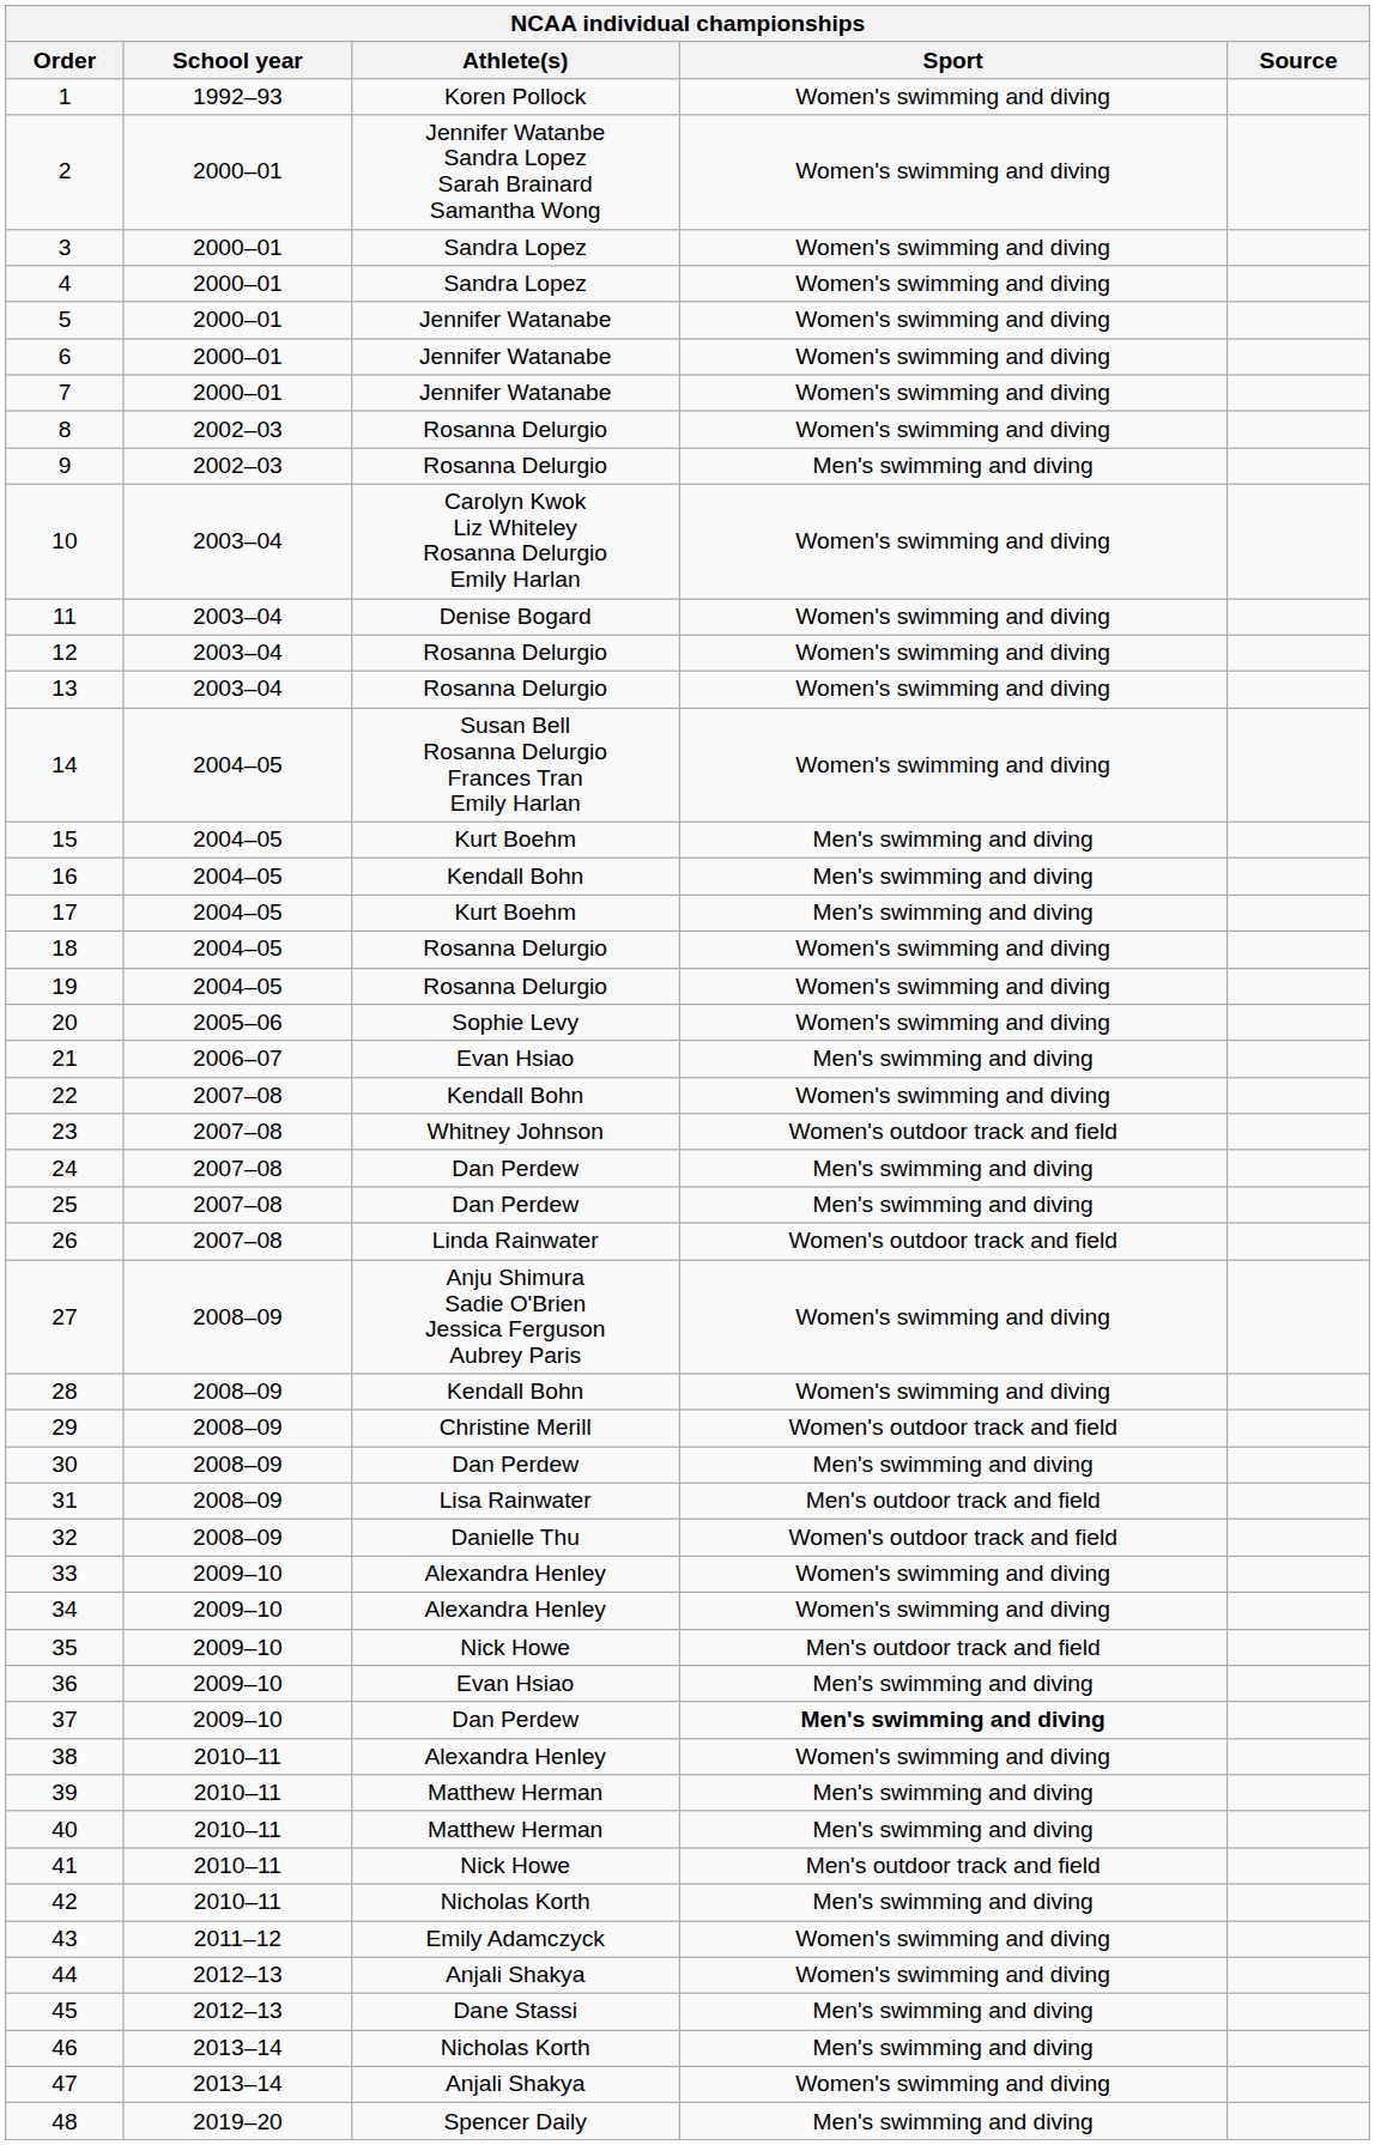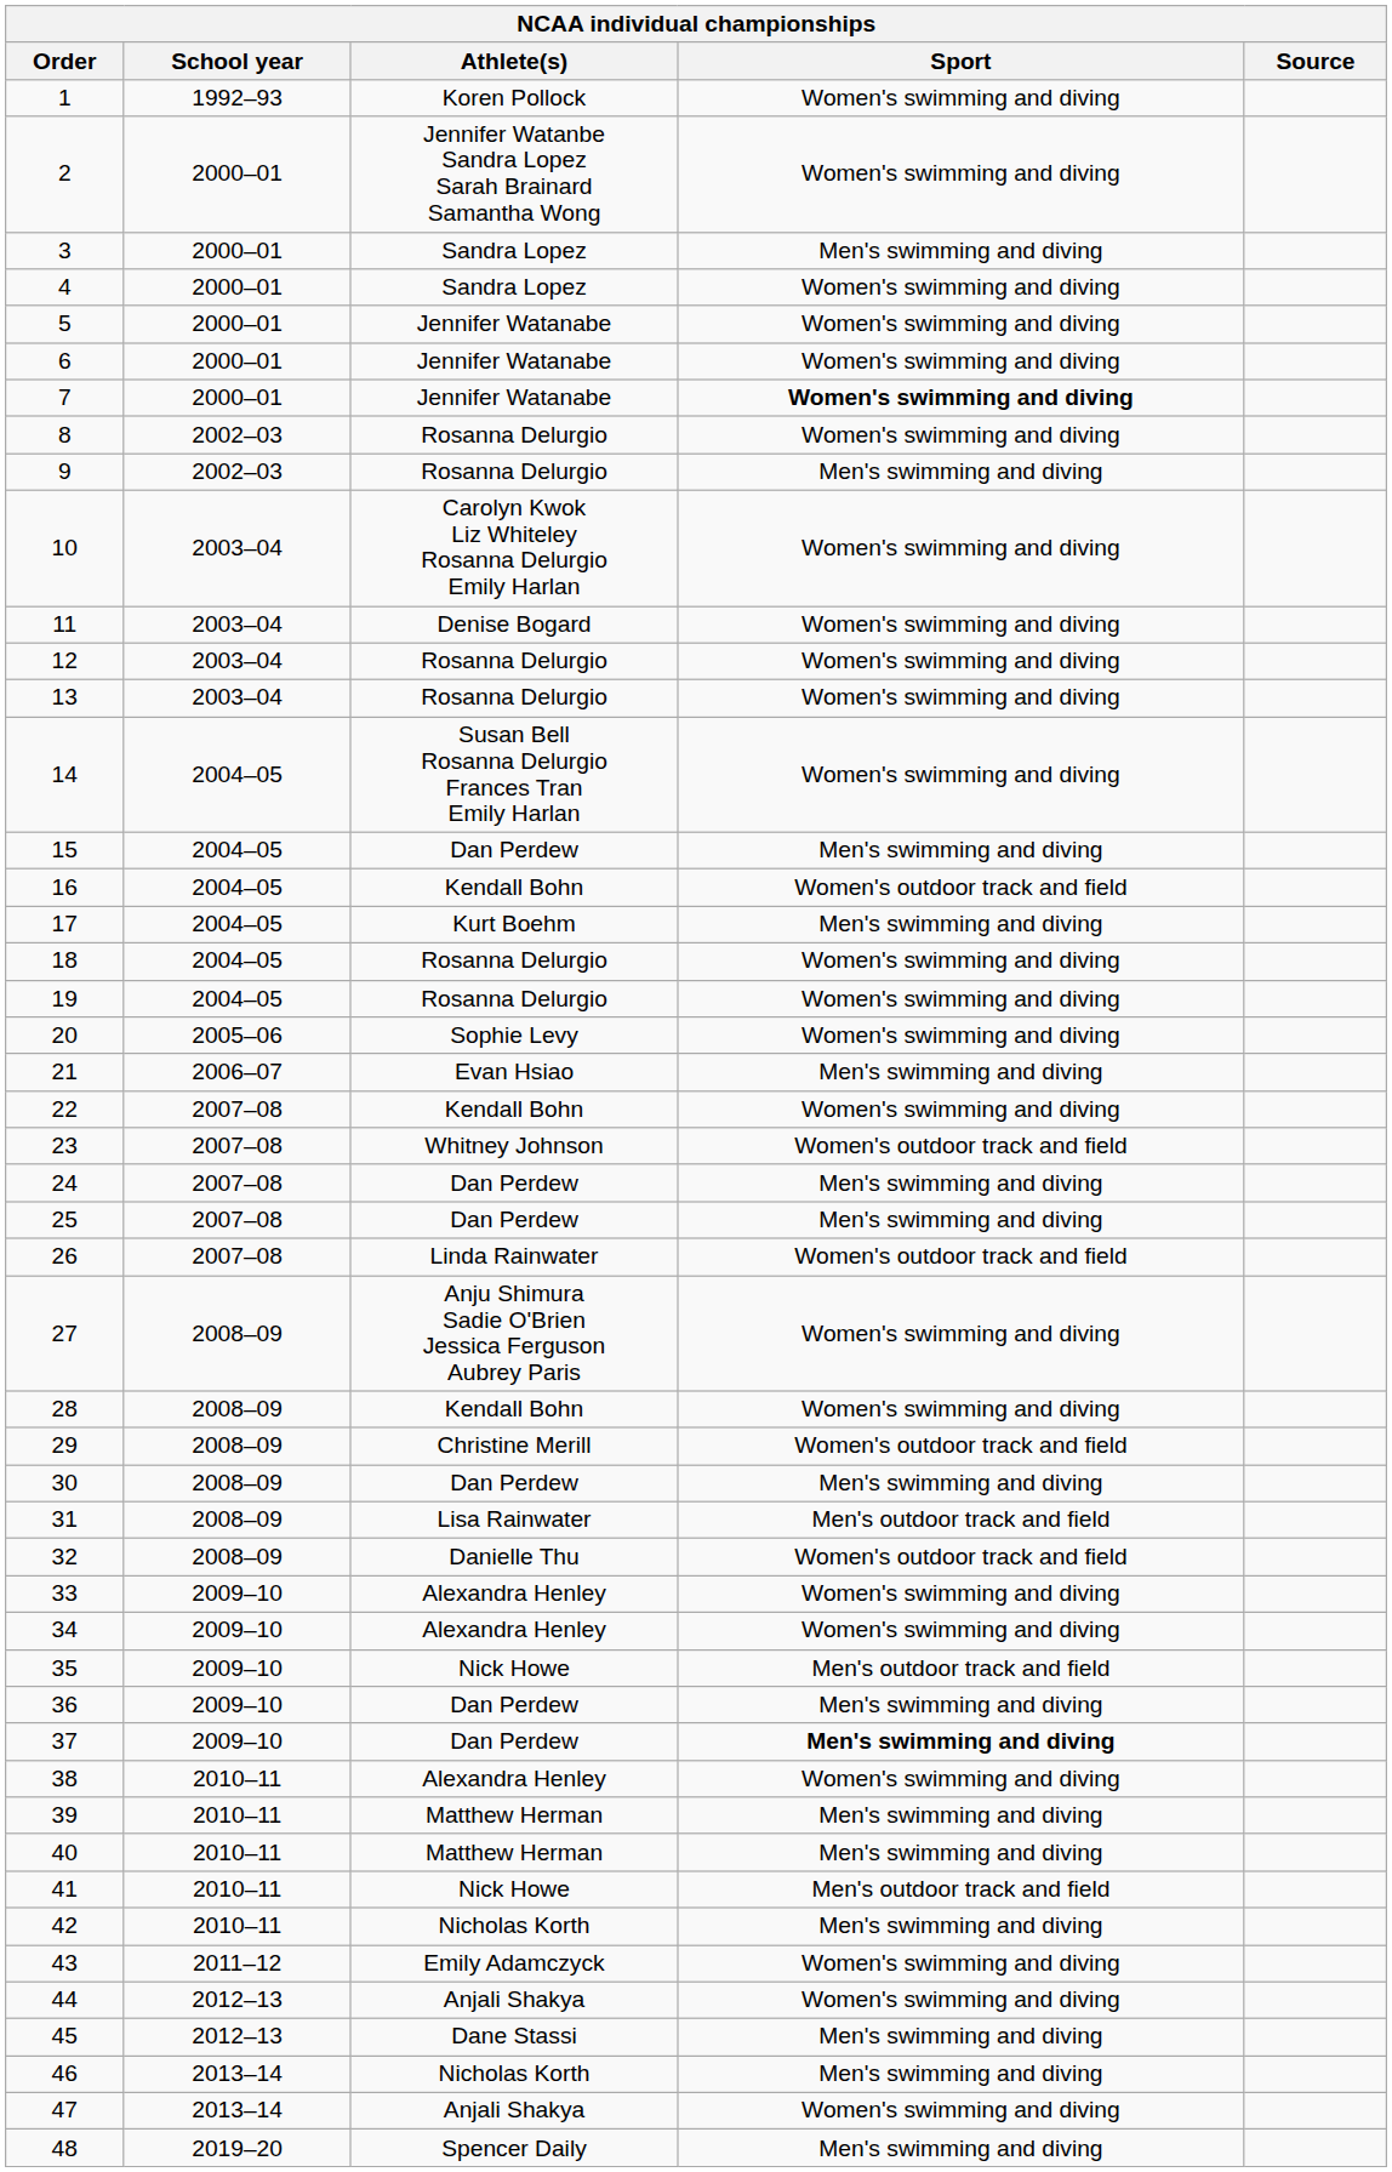 <table class="wikitable sortable" width="60%">
 <tr align="center">
 <th colspan=5>NCAA individual championships</th>
 </tr>
 <tr>
 <th>Order</th>
 <th>School year</th>
 <th>Athlete(s)</th>
 <th>Sport</th>
 <th>Source</th>
 </tr>
 <tr align="center" bgcolor="">
 <td>1</td>
 <td>1992–93</td>
 <td>Koren Pollock</td>
 <td>Women's swimming and diving</td>
 <td></td>
 </tr>
 <tr align="center" bgcolor="">
 <td>2</td>
 <td>2000–01</td>
 <td>Jennifer Watanbe<br>Sandra Lopez<br>Sarah Brainard<br>Samantha Wong</td>
 <td>Women's swimming and diving</td>
 <td></td>
 </tr>
 <tr align="center" bgcolor="">
 <td>3</td>
 <td>2000–01</td>
 <td>Sandra Lopez</td>
-<td>Women's swimming and diving</td>
+<td>Men's swimming and diving</td>
 <td></td>
 </tr>
 <tr align="center" bgcolor="">
 <td>4</td>
 <td>2000–01</td>
 <td>Sandra Lopez</td>
 <td>Women's swimming and diving</td>
 <td></td>
 </tr>
 <tr align="center" bgcolor="">
 <td>5</td>
 <td>2000–01</td>
 <td>Jennifer Watanabe</td>
 <td>Women's swimming and diving</td>
 <td></td>
 </tr>
 <tr align="center" bgcolor="">
 <td>6</td>
 <td>2000–01</td>
 <td>Jennifer Watanabe</td>
 <td>Women's swimming and diving</td>
 <td></td>
 </tr>
 <tr align="center" bgcolor="">
 <td>7</td>
 <td>2000–01</td>
 <td>Jennifer Watanabe</td>
-<td>Women's swimming and diving</td>
+<td><strong>Women's swimming and diving</strong></td>
 <td></td>
 </tr>
 <tr align="center" bgcolor="">
 <td>8</td>
 <td>2002–03</td>
 <td>Rosanna Delurgio</td>
 <td>Women's swimming and diving</td>
 <td></td>
 </tr>
 <tr align="center" bgcolor="">
 <td>9</td>
 <td>2002–03</td>
 <td>Rosanna Delurgio</td>
 <td>Men's swimming and diving</td>
 <td></td>
 </tr>
 <tr align="center" bgcolor="">
 <td>10</td>
 <td>2003–04</td>
 <td>Carolyn Kwok<br>Liz Whiteley<br>Rosanna Delurgio<br>Emily Harlan</td>
 <td>Women's swimming and diving</td>
 <td></td>
 </tr>
 <tr align="center" bgcolor="">
 <td>11</td>
 <td>2003–04</td>
 <td>Denise Bogard</td>
 <td>Women's swimming and diving</td>
 <td></td>
 </tr>
 <tr align="center" bgcolor="">
 <td>12</td>
 <td>2003–04</td>
 <td>Rosanna Delurgio</td>
 <td>Women's swimming and diving</td>
 <td></td>
 </tr>
 <tr align="center" bgcolor="">
 <td>13</td>
 <td>2003–04</td>
 <td>Rosanna Delurgio</td>
 <td>Women's swimming and diving</td>
 <td></td>
 </tr>
 <tr align="center" bgcolor="">
 <td>14</td>
 <td>2004–05</td>
 <td>Susan Bell<br>Rosanna Delurgio<br>Frances Tran<br>Emily Harlan</td>
 <td>Women's swimming and diving</td>
 <td></td>
 </tr>
 <tr align="center" bgcolor="">
 <td>15</td>
 <td>2004–05</td>
-<td>Kurt Boehm</td>
+<td>Dan Perdew</td>
 <td>Men's swimming and diving</td>
 <td></td>
 </tr>
 <tr align="center" bgcolor="">
 <td>16</td>
 <td>2004–05</td>
 <td>Kendall Bohn</td>
-<td>Men's swimming and diving</td>
+<td>Women's outdoor track and field</td>
 <td></td>
 </tr>
 <tr align="center" bgcolor="">
 <td>17</td>
 <td>2004–05</td>
 <td>Kurt Boehm</td>
 <td>Men's swimming and diving</td>
 <td></td>
 </tr>
 <tr align="center" bgcolor="">
 <td>18</td>
 <td>2004–05</td>
 <td>Rosanna Delurgio</td>
 <td>Women's swimming and diving</td>
 <td></td>
 </tr>
 <tr align="center" bgcolor="">
 <td>19</td>
 <td>2004–05</td>
 <td>Rosanna Delurgio</td>
 <td>Women's swimming and diving</td>
 <td></td>
 </tr>
 <tr align="center" bgcolor="">
 <td>20</td>
 <td>2005–06</td>
 <td>Sophie Levy</td>
 <td>Women's swimming and diving</td>
 <td></td>
 </tr>
 <tr align="center" bgcolor="">
 <td>21</td>
 <td>2006–07</td>
 <td>Evan Hsiao</td>
 <td>Men's swimming and diving</td>
 <td></td>
 </tr>
 <tr align="center" bgcolor="">
 <td>22</td>
 <td>2007–08</td>
 <td>Kendall Bohn</td>
 <td>Women's swimming and diving</td>
 <td></td>
 </tr>
 <tr align="center" bgcolor="">
 <td>23</td>
 <td>2007–08</td>
 <td>Whitney Johnson</td>
 <td>Women's outdoor track and field</td>
 <td></td>
 </tr>
 <tr align="center" bgcolor="">
 <td>24</td>
 <td>2007–08</td>
 <td>Dan Perdew</td>
 <td>Men's swimming and diving</td>
 <td></td>
 </tr>
 <tr align="center" bgcolor="">
 <td>25</td>
 <td>2007–08</td>
 <td>Dan Perdew</td>
 <td>Men's swimming and diving</td>
 <td></td>
 </tr>
 <tr align="center" bgcolor="">
 <td>26</td>
 <td>2007–08</td>
 <td>Linda Rainwater</td>
 <td>Women's outdoor track and field</td>
 <td></td>
 </tr>
 <tr align="center" bgcolor="">
 <td>27</td>
 <td>2008–09</td>
 <td>Anju Shimura<br>Sadie O'Brien<br>Jessica Ferguson<br>Aubrey Paris</td>
 <td>Women's swimming and diving</td>
 <td></td>
 </tr>
 <tr align="center" bgcolor="">
 <td>28</td>
 <td>2008–09</td>
 <td>Kendall Bohn</td>
 <td>Women's swimming and diving</td>
 <td></td>
 </tr>
 <tr align="center" bgcolor="">
 <td>29</td>
 <td>2008–09</td>
 <td>Christine Merill</td>
 <td>Women's outdoor track and field</td>
 <td></td>
 </tr>
 <tr align="center" bgcolor="">
 <td>30</td>
 <td>2008–09</td>
 <td>Dan Perdew</td>
 <td>Men's swimming and diving</td>
 <td></td>
 </tr>
 <tr align="center" bgcolor="">
 <td>31</td>
 <td>2008–09</td>
 <td>Lisa Rainwater</td>
 <td>Men's outdoor track and field</td>
 <td></td>
 </tr>
 <tr align="center" bgcolor="">
 <td>32</td>
 <td>2008–09</td>
 <td>Danielle Thu</td>
 <td>Women's outdoor track and field</td>
 <td></td>
 </tr>
 <tr align="center" bgcolor="">
 <td>33</td>
 <td>2009–10</td>
 <td>Alexandra Henley</td>
 <td>Women's swimming and diving</td>
 <td></td>
 </tr>
 <tr align="center" bgcolor="">
 <td>34</td>
 <td>2009–10</td>
 <td>Alexandra Henley</td>
 <td>Women's swimming and diving</td>
 <td></td>
 </tr>
 <tr align="center" bgcolor="">
 <td>35</td>
 <td>2009–10</td>
 <td>Nick Howe</td>
 <td>Men's outdoor track and field</td>
 <td></td>
 </tr>
 <tr align="center" bgcolor="">
 <td>36</td>
 <td>2009–10</td>
-<td>Evan Hsiao</td>
+<td>Dan Perdew</td>
 <td>Men's swimming and diving</td>
 <td></td>
 </tr>
 <tr align="center" bgcolor="">
 <td>37</td>
 <td>2009–10</td>
 <td>Dan Perdew</td>
 <td><strong>Men's swimming and diving</strong></td>
 <td></td>
 </tr>
 <tr align="center" bgcolor="">
 <td>38</td>
 <td>2010–11</td>
 <td>Alexandra Henley</td>
 <td>Women's swimming and diving</td>
 <td></td>
 </tr>
 <tr align="center" bgcolor="">
 <td>39</td>
 <td>2010–11</td>
 <td>Matthew Herman</td>
 <td>Men's swimming and diving</td>
 <td></td>
 </tr>
 <tr align="center" bgcolor="">
 <td>40</td>
 <td>2010–11</td>
 <td>Matthew Herman</td>
 <td>Men's swimming and diving</td>
 <td></td>
 </tr>
 <tr align="center" bgcolor="">
 <td>41</td>
 <td>2010–11</td>
 <td>Nick Howe</td>
 <td>Men's outdoor track and field</td>
 <td></td>
 </tr>
 <tr align="center" bgcolor="">
 <td>42</td>
 <td>2010–11</td>
 <td>Nicholas Korth</td>
 <td>Men's swimming and diving</td>
 <td></td>
 </tr>
 <tr align="center" bgcolor="">
 <td>43</td>
 <td>2011–12</td>
 <td>Emily Adamczyck</td>
 <td>Women's swimming and diving</td>
 <td></td>
 </tr>
 <tr align="center" bgcolor="">
 <td>44</td>
 <td>2012–13</td>
 <td>Anjali Shakya</td>
 <td>Women's swimming and diving</td>
 <td></td>
 </tr>
 <tr align="center" bgcolor="">
 <td>45</td>
 <td>2012–13</td>
 <td>Dane Stassi</td>
 <td>Men's swimming and diving</td>
 <td></td>
 </tr>
 <tr align="center" bgcolor="">
 <td>46</td>
 <td>2013–14</td>
 <td>Nicholas Korth</td>
 <td>Men's swimming and diving</td>
 <td></td>
 </tr>
 <tr align="center" bgcolor="">
 <td>47</td>
 <td>2013–14</td>
 <td>Anjali Shakya</td>
 <td>Women's swimming and diving</td>
 <td></td>
 </tr>
 <tr align="center" bgcolor="">
 <td>48</td>
 <td>2019–20</td>
 <td>Spencer Daily</td>
 <td>Men's swimming and diving</td>
 <td></td>
 </tr>
 </table>
